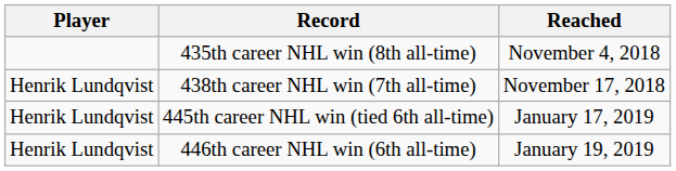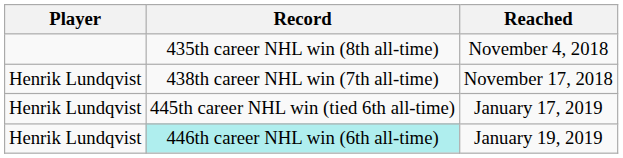 <table class="wikitable sortable" style="text-align:center;">
 <tr>
 <th>Player</th>
 <th>Record</th>
 <th>Reached</th>
 </tr>
 <tr>
 <td></td>
 <td>435th career NHL win (8th all-time)</td>
 <td>November 4, 2018</td>
 </tr>
 <tr>
 <td>Henrik Lundqvist</td>
 <td>438th career NHL win (7th all-time)</td>
 <td>November 17, 2018</td>
 </tr>
 <tr>
 <td>Henrik Lundqvist</td>
 <td>445th career NHL win (tied 6th all-time)</td>
 <td>January 17, 2019</td>
 </tr>
 <tr>
 <td>Henrik Lundqvist</td>
-<td>446th career NHL win (6th all-time)</td>
+<td style="background: paleturquoise;">446th career NHL win (6th all-time)</td>
 <td>January 19, 2019</td>
 </tr>
 </table>
